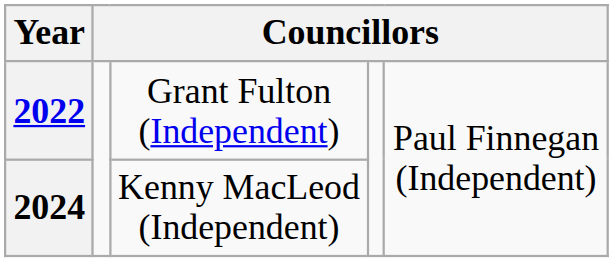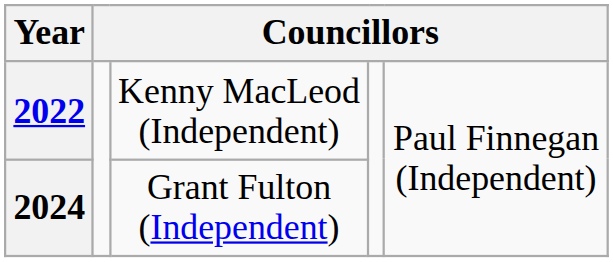 <table class="wikitable" style="text-align:center">
 <tr>
 <th>Year</th>
 <th colspan=4>Councillors</th>
 </tr>
 <tr>
 <th><a href='#'>2022</a></th>
 <td rowspan=2; style="background-color: "></td>
-<td>Grant Fulton<br>(<a href='#'>Independent</a>)</td>
+<td>Kenny MacLeod<br>(Independent)</td>
 <td rowspan=2; style="background-color: "></td>
 <td rowspan=2>Paul Finnegan<br>(Independent)</td>
 </tr>
 <tr>
 <th>2024</th>
-<td>Kenny MacLeod<br>(Independent)</td>
+<td>Grant Fulton<br>(<a href='#'>Independent</a>)</td>
 </tr>
 </table>
